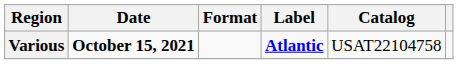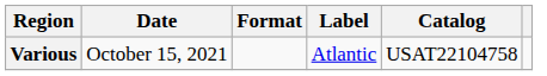 <table class="wikitable plainrowheaders">
 <tr>
 <th scope="col">Region</th>
 <th scope="col">Date</th>
 <th scope="col">Format</th>
 <th scope="col">Label</th>
 <th scope="col">Catalog </th>
 <th scope="col"></th>
 </tr>
 <tr>
 <th scope="row">Various</th>
-<td><strong>October 15, 2021</strong></td>
+<td>October 15, 2021</td>
 <td></td>
-<td><strong><a href='#'>Atlantic</a></strong></td>
+<td><a href='#'>Atlantic</a></td>
 <td>USAT22104758</td>
 <td></td>
 </tr>
 <tr>
 </tr>
 </table>
